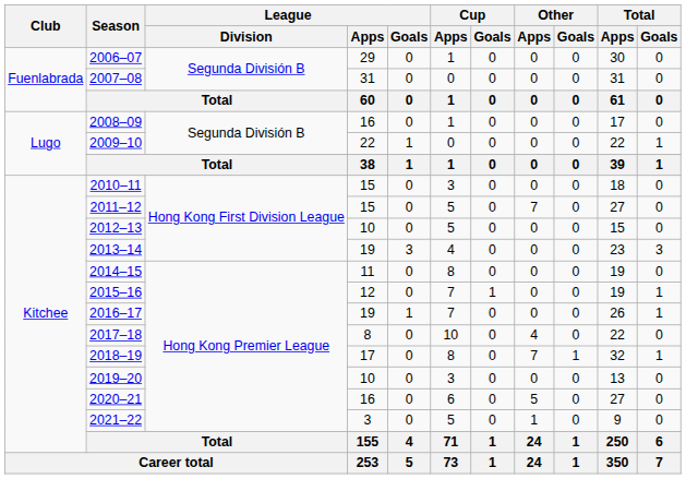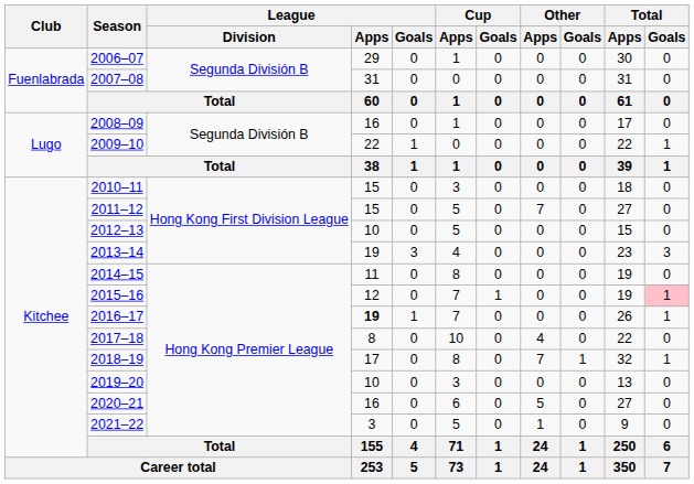 <table class="wikitable" style="text-align:center">
 <tr>
 <th rowspan="2">Club</th>
 <th rowspan="2">Season</th>
 <th colspan="3">League</th>
 <th colspan="2">Cup</th>
 <th colspan="2">Other</th>
 <th colspan="2">Total</th>
 </tr>
 <tr>
 <th>Division</th>
 <th>Apps</th>
 <th>Goals</th>
 <th>Apps</th>
 <th>Goals</th>
 <th>Apps</th>
 <th>Goals</th>
 <th>Apps</th>
 <th>Goals</th>
 </tr>
 <tr>
 <td rowspan="3"><a href='#'>Fuenlabrada</a></td>
 <td><a href='#'>2006–07</a></td>
 <td rowspan="2"><a href='#'>Segunda División B</a></td>
 <td>29</td>
 <td>0</td>
 <td>1</td>
 <td>0</td>
 <td>0</td>
 <td>0</td>
 <td>30</td>
 <td>0</td>
 </tr>
 <tr>
 <td><a href='#'>2007–08</a></td>
 <td>31</td>
 <td>0</td>
 <td>0</td>
 <td>0</td>
 <td>0</td>
 <td>0</td>
 <td>31</td>
 <td>0</td>
 </tr>
 <tr>
 <th colspan="2">Total</th>
 <th>60</th>
 <th>0</th>
 <th>1</th>
 <th>0</th>
 <th>0</th>
 <th>0</th>
 <th>61</th>
 <th>0</th>
 </tr>
 <tr>
 <td rowspan="3"><a href='#'>Lugo</a></td>
 <td><a href='#'>2008–09</a></td>
 <td rowspan="2">Segunda División B</td>
 <td>16</td>
 <td>0</td>
 <td>1</td>
 <td>0</td>
 <td>0</td>
 <td>0</td>
 <td>17</td>
 <td>0</td>
 </tr>
 <tr>
 <td><a href='#'>2009–10</a></td>
 <td>22</td>
 <td>1</td>
 <td>0</td>
 <td>0</td>
 <td>0</td>
 <td>0</td>
 <td>22</td>
 <td>1</td>
 </tr>
 <tr>
 <th colspan="2">Total</th>
 <th>38</th>
 <th>1</th>
 <th>1</th>
 <th>0</th>
 <th>0</th>
 <th>0</th>
 <th>39</th>
 <th>1</th>
 </tr>
 <tr>
 <td rowspan="13"><a href='#'>Kitchee</a></td>
 <td><a href='#'>2010–11</a></td>
 <td rowspan="4"><a href='#'>Hong Kong First Division League</a></td>
 <td>15</td>
 <td>0</td>
 <td>3</td>
 <td>0</td>
 <td>0</td>
 <td>0</td>
 <td>18</td>
 <td>0</td>
 </tr>
 <tr>
 <td><a href='#'>2011–12</a></td>
 <td>15</td>
 <td>0</td>
 <td>5</td>
 <td>0</td>
 <td>7</td>
 <td>0</td>
 <td>27</td>
 <td>0</td>
 </tr>
 <tr>
 <td><a href='#'>2012–13</a></td>
 <td>10</td>
 <td>0</td>
 <td>5</td>
 <td>0</td>
 <td>0</td>
 <td>0</td>
 <td>15</td>
 <td>0</td>
 </tr>
 <tr>
 <td><a href='#'>2013–14</a></td>
 <td>19</td>
 <td>3</td>
 <td>4</td>
 <td>0</td>
 <td>0</td>
 <td>0</td>
 <td>23</td>
 <td>3</td>
 </tr>
 <tr>
 <td><a href='#'>2014–15</a></td>
 <td rowspan="8"><a href='#'>Hong Kong Premier League</a></td>
 <td>11</td>
 <td>0</td>
 <td>8</td>
 <td>0</td>
 <td>0</td>
 <td>0</td>
 <td>19</td>
 <td>0</td>
 </tr>
 <tr>
 <td><a href='#'>2015–16</a></td>
 <td>12</td>
 <td>0</td>
 <td>7</td>
 <td>1</td>
 <td>0</td>
 <td>0</td>
 <td>19</td>
-<td>1</td>
+<td style="background: pink;">1</td>
 </tr>
 <tr>
 <td><a href='#'>2016–17</a></td>
-<td>19</td>
+<td><strong>19</strong></td>
 <td>1</td>
 <td>7</td>
 <td>0</td>
 <td>0</td>
 <td>0</td>
 <td>26</td>
 <td>1</td>
 </tr>
 <tr>
 <td><a href='#'>2017–18</a></td>
 <td>8</td>
 <td>0</td>
 <td>10</td>
 <td>0</td>
 <td>4</td>
 <td>0</td>
 <td>22</td>
 <td>0</td>
 </tr>
 <tr>
 <td><a href='#'>2018–19</a></td>
 <td>17</td>
 <td>0</td>
 <td>8</td>
 <td>0</td>
 <td>7</td>
 <td>1</td>
 <td>32</td>
 <td>1</td>
 </tr>
 <tr>
 <td><a href='#'>2019–20</a></td>
 <td>10</td>
 <td>0</td>
 <td>3</td>
 <td>0</td>
 <td>0</td>
 <td>0</td>
 <td>13</td>
 <td>0</td>
 </tr>
 <tr>
 <td><a href='#'>2020–21</a></td>
 <td>16</td>
 <td>0</td>
 <td>6</td>
 <td>0</td>
 <td>5</td>
 <td>0</td>
 <td>27</td>
 <td>0</td>
 </tr>
 <tr>
 <td><a href='#'>2021–22</a></td>
 <td>3</td>
 <td>0</td>
 <td>5</td>
 <td>0</td>
 <td>1</td>
 <td>0</td>
 <td>9</td>
 <td>0</td>
 </tr>
 <tr>
 <th colspan="2">Total</th>
 <th>155</th>
 <th>4</th>
 <th>71</th>
 <th>1</th>
 <th>24</th>
 <th>1</th>
 <th>250</th>
 <th>6</th>
 </tr>
 <tr>
 <th colspan="3">Career total</th>
 <th>253</th>
 <th>5</th>
 <th>73</th>
 <th>1</th>
 <th>24</th>
 <th>1</th>
 <th>350</th>
 <th>7</th>
 </tr>
 </table>
